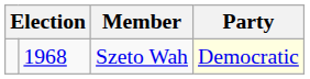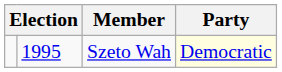 <table class="wikitable">
 <tr>
 <th colspan="2">Election</th>
 <th>Member</th>
 <th>Party</th>
 </tr>
 <tr>
 <td style="background-color: "></td>
-<td><a href='#'>1968</a></td>
+<td><a href='#'>1995</a></td>
 <td><a href='#'>Szeto Wah</a></td>
 <td style="background: lightyellow;"><a href='#'>Democratic</a></td>
 </tr>
 </table>
